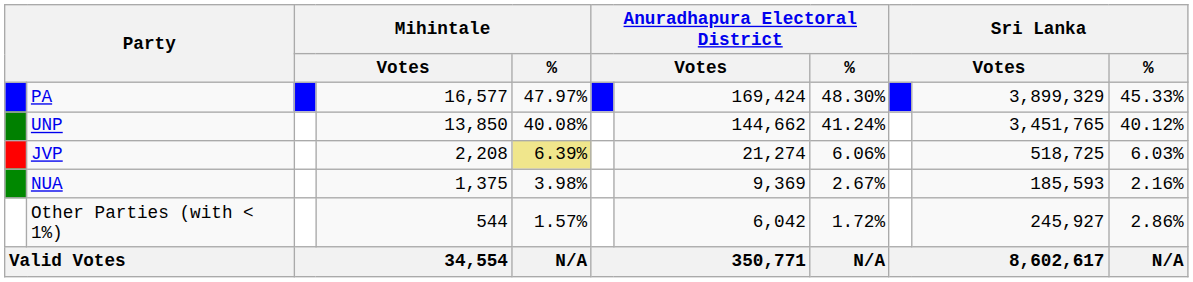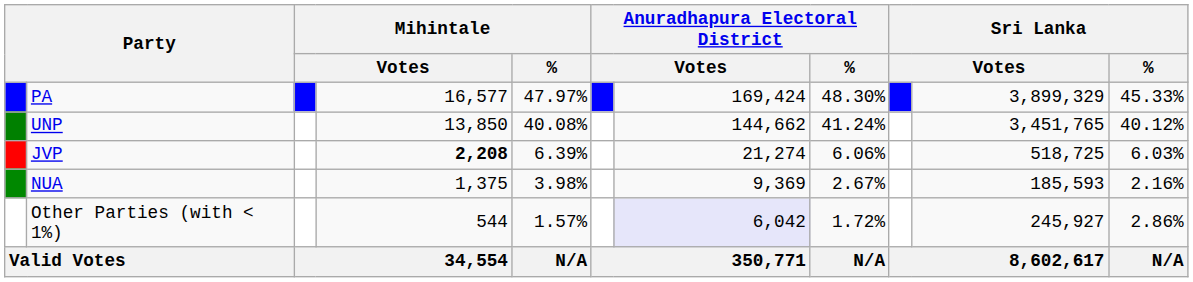 <table class="wikitable">
 <tr>
 <th colspan="2" width="144px"rowspan="2">Party</th>
 <th colspan="3" width="216px">Mihintale</th>
 <th colspan="3" width="216px"><a href='#'>Anuradhapura Electoral District</a></th>
 <th colspan="3" width="216px">Sri Lanka</th>
 </tr>
 <tr>
 <th colspan="2" width="144px">Votes</th>
 <th>%</th>
 <th colspan="2" width="144px">Votes</th>
 <th>%</th>
 <th colspan="2" width="144px">Votes</th>
 <th>%</th>
 </tr>
 <tr>
 <td style="background-color:blue;" width="10px"></td>
 <td style="text-align:left;"><a href='#'>PA</a></td>
 <td style="background-color:blue;" width="10px"></td>
 <td style="text-align:right;">16,577</td>
 <td style="text-align:right;">47.97%</td>
 <td style="background-color:blue;" width="10px"></td>
 <td style="text-align:right;">169,424</td>
 <td style="text-align:right;">48.30%</td>
 <td style="background-color:blue;" width="10px"></td>
 <td style="text-align:right;">3,899,329</td>
 <td style="text-align:right;">45.33%</td>
 </tr>
 <tr>
 <td style="background-color:green;" width="10px"></td>
 <td style="text-align:left;"><a href='#'>UNP</a></td>
 <td style="background-color:white;" width="10px"></td>
 <td style="text-align:right;">13,850</td>
 <td style="text-align:right;">40.08%</td>
 <td style="background-color:white;" width="10px"></td>
 <td style="text-align:right;">144,662</td>
 <td style="text-align:right;">41.24%</td>
 <td style="background-color:white;" width="10px"></td>
 <td style="text-align:right;">3,451,765</td>
 <td style="text-align:right;">40.12%</td>
 </tr>
 <tr>
 <td style="background-color:red;" width="10px"></td>
 <td style="text-align:left;"><a href='#'>JVP</a></td>
 <td style="background-color:white;" width="10px"></td>
-<td style="text-align:right;">2,208</td>
-<td style="background: khaki; text-align:right;">6.39%</td>
+<td style="text-align:right;"><strong>2,208</strong></td>
+<td style="text-align:right;">6.39%</td>
 <td style="background-color:white;" width="10px"></td>
 <td style="text-align:right;">21,274</td>
 <td style="text-align:right;">6.06%</td>
 <td style="background-color:white;" width="10px"></td>
 <td style="text-align:right;">518,725</td>
 <td style="text-align:right;">6.03%</td>
 </tr>
 <tr>
 <td style="background-color:#008800;" width="10px"></td>
 <td style="text-align:left;"><a href='#'>NUA</a></td>
 <td style="background-color:white;" width="10px"></td>
 <td style="text-align:right;">1,375</td>
 <td style="text-align:right;">3.98%</td>
 <td style="background-color:white;" width="10px"></td>
 <td style="text-align:right;">9,369</td>
 <td style="text-align:right;">2.67%</td>
 <td style="background-color:white;" width="10px"></td>
 <td style="text-align:right;">185,593</td>
 <td style="text-align:right;">2.16%</td>
 </tr>
 <tr>
 <td style="background-color:white;" width="10px"></td>
 <td style="text-align:left;">Other Parties (with < 1%)</td>
 <td style="background-color:white;" width="10px"></td>
 <td style="text-align:right;">544</td>
 <td style="text-align:right;">1.57%</td>
 <td style="background-color:white;" width="10px"></td>
-<td style="text-align:right;">6,042</td>
+<td style="background: lavender; text-align:right;">6,042</td>
 <td style="text-align:right;">1.72%</td>
 <td style="background-color:white;" width="10px"></td>
 <td style="text-align:right;">245,927</td>
 <td style="text-align:right;">2.86%</td>
 </tr>
 <tr>
 <th colspan="2" width="144px"style="text-align:left;">Valid Votes</th>
 <th style="text-align:right;"colspan="2" width="144px">34,554</th>
 <th style="text-align:right;">N/A</th>
 <th style="text-align:right;"colspan="2" width="144px">350,771</th>
 <th style="text-align:right;">N/A</th>
 <th style="text-align:right;"colspan="2" width="144px">8,602,617</th>
 <th style="text-align:right;">N/A</th>
 </tr>
 </table>
